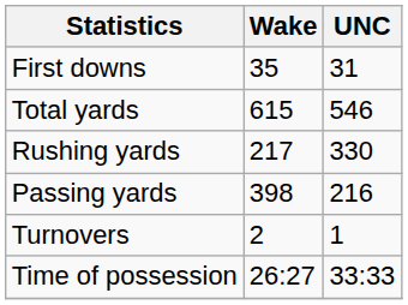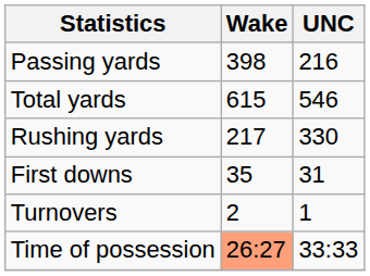 <table class="wikitable">
 <tr>
 <th>Statistics</th>
 <th>Wake</th>
 <th>UNC</th>
 </tr>
 <tr>
-<td>First downs</td>
-<td>35</td>
-<td>31</td>
+<td>Passing yards</td>
+<td>398</td>
+<td>216</td>
 </tr>
 <tr>
 <td>Total yards</td>
 <td>615</td>
 <td>546</td>
 </tr>
 <tr>
 <td>Rushing yards</td>
 <td>217</td>
 <td>330</td>
 </tr>
 <tr>
-<td>Passing yards</td>
-<td>398</td>
-<td>216</td>
+<td>First downs</td>
+<td>35</td>
+<td>31</td>
 </tr>
 <tr>
 <td>Turnovers</td>
 <td>2</td>
 <td>1</td>
 </tr>
 <tr>
 <td>Time of possession</td>
-<td>26:27</td>
+<td style="background: lightsalmon;">26:27</td>
 <td>33:33</td>
 </tr>
 <tr>
 </tr>
 </table>
